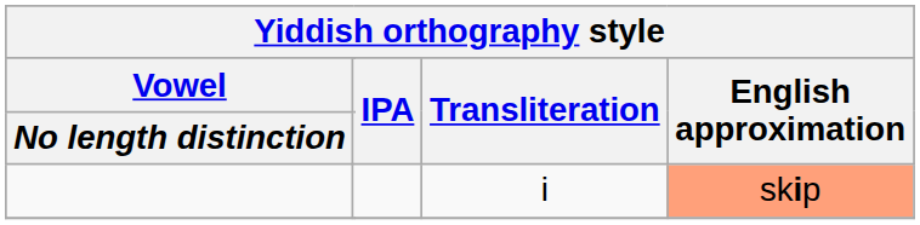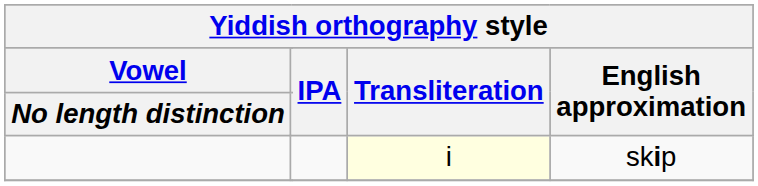 <table class="wikitable">
 <tr>
 <th ! colspan=6><a href='#'>Yiddish orthography</a> style</th>
 </tr>
 <tr align=center>
 <th ! colspan=3><a href='#'>Vowel</a></th>
 <th ! rowspan=2><a href='#'>IPA</a></th>
 <th ! rowspan=2><a href='#'>Transliteration</a></th>
 <th ! rowspan=2>English<br>approximation</th>
 </tr>
 <tr>
 <th colspan=3><em>No length distinction</em></th>
 </tr>
 <tr align=center>
 <td style="font-size:26px" colspan=3></td>
 <td></td>
-<td>i</td>
-<td style="background: lightsalmon;">sk<strong>i</strong>p</td>
+<td style="background: lightyellow;">i</td>
+<td>sk<strong>i</strong>p</td>
 </tr>
 <tr>
 </tr>
 </table>
